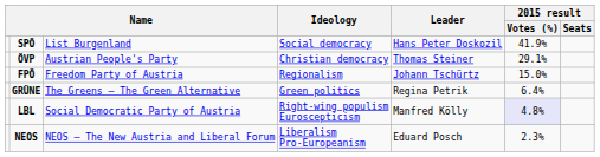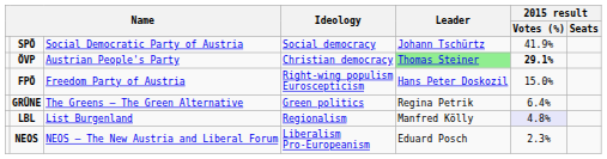 <table class="wikitable">
 <tr>
 <th rowspan="2" colspan="3">Name</th>
 <th rowspan="2">Ideology</th>
 <th rowspan="2">Leader</th>
 <th colspan="2">2015 result</th>
 </tr>
 <tr>
 <th>Votes (%)</th>
 <th>Seats</th>
 </tr>
 <tr>
 <td style="background:"></td>
 <td style="text-align:center;"><strong>SPÖ</strong></td>
-<td><a href='#'>List Burgenland</a><br></td>
+<td><a href='#'>Social Democratic Party of Austria</a><br></td>
 <td><a href='#'>Social democracy</a></td>
-<td><a href='#'>Hans Peter Doskozil</a></td>
+<td><a href='#'>Johann Tschürtz</a></td>
 <td style="text-align:center;">41.9%</td>
 <td></td>
 </tr>
 <tr>
 <td style="background:"></td>
 <td style="text-align:center;"><strong>ÖVP</strong></td>
 <td><a href='#'>Austrian People's Party</a><br></td>
 <td><a href='#'>Christian democracy</a></td>
-<td><a href='#'>Thomas Steiner</a></td>
-<td style="text-align:center;">29.1%</td>
+<td style="background: lightgreen;"><a href='#'>Thomas Steiner</a></td>
+<td style="text-align:center;"><strong>29.1%</strong></td>
 <td></td>
 </tr>
 <tr>
 <td style="background:"></td>
 <td style="text-align:center;"><strong>FPÖ</strong></td>
 <td><a href='#'>Freedom Party of Austria</a><br></td>
-<td><a href='#'>Regionalism</a></td>
-<td><a href='#'>Johann Tschürtz</a></td>
+<td><a href='#'>Right-wing populism</a><br><a href='#'>Euroscepticism</a></td>
+<td><a href='#'>Hans Peter Doskozil</a></td>
 <td style="text-align:center;">15.0%</td>
 <td></td>
 </tr>
 <tr>
 <td style="background:"></td>
 <td style="text-align:center;"><strong>GRÜNE</strong></td>
 <td><a href='#'>The Greens – The Green Alternative</a><br></td>
 <td><a href='#'>Green politics</a></td>
 <td>Regina Petrik</td>
 <td style="text-align:center;">6.4%</td>
 <td></td>
 </tr>
 <tr>
 <td style="background:"></td>
 <td style="text-align:center;"><strong>LBL</strong></td>
-<td><a href='#'>Social Democratic Party of Austria</a><br></td>
-<td><a href='#'>Right-wing populism</a><br><a href='#'>Euroscepticism</a></td>
+<td><a href='#'>List Burgenland</a><br></td>
+<td><a href='#'>Regionalism</a></td>
 <td>Manfred Kölly</td>
 <td style="background: lavender; text-align:center;">4.8%</td>
 <td></td>
 </tr>
 <tr>
 <td style="background:"></td>
 <td style="text-align:center;"><strong>NEOS</strong></td>
 <td><a href='#'>NEOS – The New Austria and Liberal Forum</a><br></td>
 <td><a href='#'>Liberalism</a><br><a href='#'>Pro-Europeanism</a></td>
 <td>Eduard Posch</td>
 <td style="text-align:center;">2.3%</td>
 <td></td>
 </tr>
 </table>
